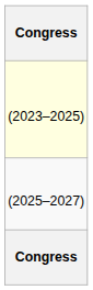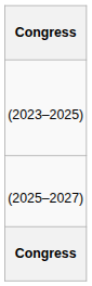 <table class="wikitable" style="float:left; margin:0; margin-right:-0.5px; margin-top:14px; text-align:center;">
 <tr style="white-space:nowrap; height:4.06em;">
 <th>Congress</th>
 </tr>
 <tr style="white-space:nowrap; height:3.12em;">
-<td style="background: lightyellow; height:6.7em"><strong></strong><br>(2023–2025)</td>
+<td style="height:6.7em"><strong></strong><br>(2023–2025)</td>
 </tr>
 <tr style="white-space:nowrap; height:3.12em;">
 <td style="height:4.9em"><strong></strong><br>(2025–2027)</td>
 </tr>
 <tr style="white-space:nowrap; height:4.04em">
 <th>Congress</th>
 </tr>
 </table>
